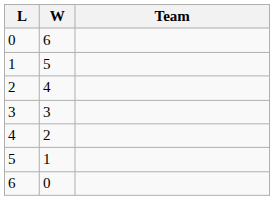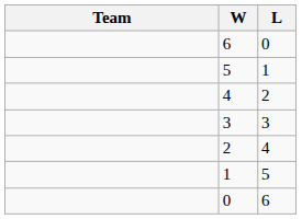 <table class="wikitable">
 <tr>
+<th width="200px">Team</th>
+<th width="30px">W</th>
 <th width="30px">L</th>
-<th width="30px">W</th>
-<th width="200px">Team</th>
 </tr>
 <tr>
+<td></td>
+<td>6</td>
+<td>0</td>
+</tr>
+<tr>
+<td></td>
+<td>5</td>
+<td>1</td>
+</tr>
+<tr>
+<td></td>
+<td>4</td>
+<td>2</td>
+</tr>
+<tr>
+<td></td>
+<td>3</td>
+<td>3</td>
+</tr>
+<tr>
+<td></td>
+<td>2</td>
+<td>4</td>
+</tr>
+<tr>
+<td></td>
+<td>1</td>
+<td>5</td>
+</tr>
+<tr>
+<td></td>
 <td>0</td>
 <td>6</td>
-<td></td>
-</tr>
-<tr>
-<td>1</td>
-<td>5</td>
-<td></td>
-</tr>
-<tr>
-<td>2</td>
-<td>4</td>
-<td></td>
-</tr>
-<tr>
-<td>3</td>
-<td>3</td>
-<td></td>
-</tr>
-<tr>
-<td>4</td>
-<td>2</td>
-<td></td>
-</tr>
-<tr>
-<td>5</td>
-<td>1</td>
-<td></td>
-</tr>
-<tr>
-<td>6</td>
-<td>0</td>
-<td></td>
 </tr>
 </table>
